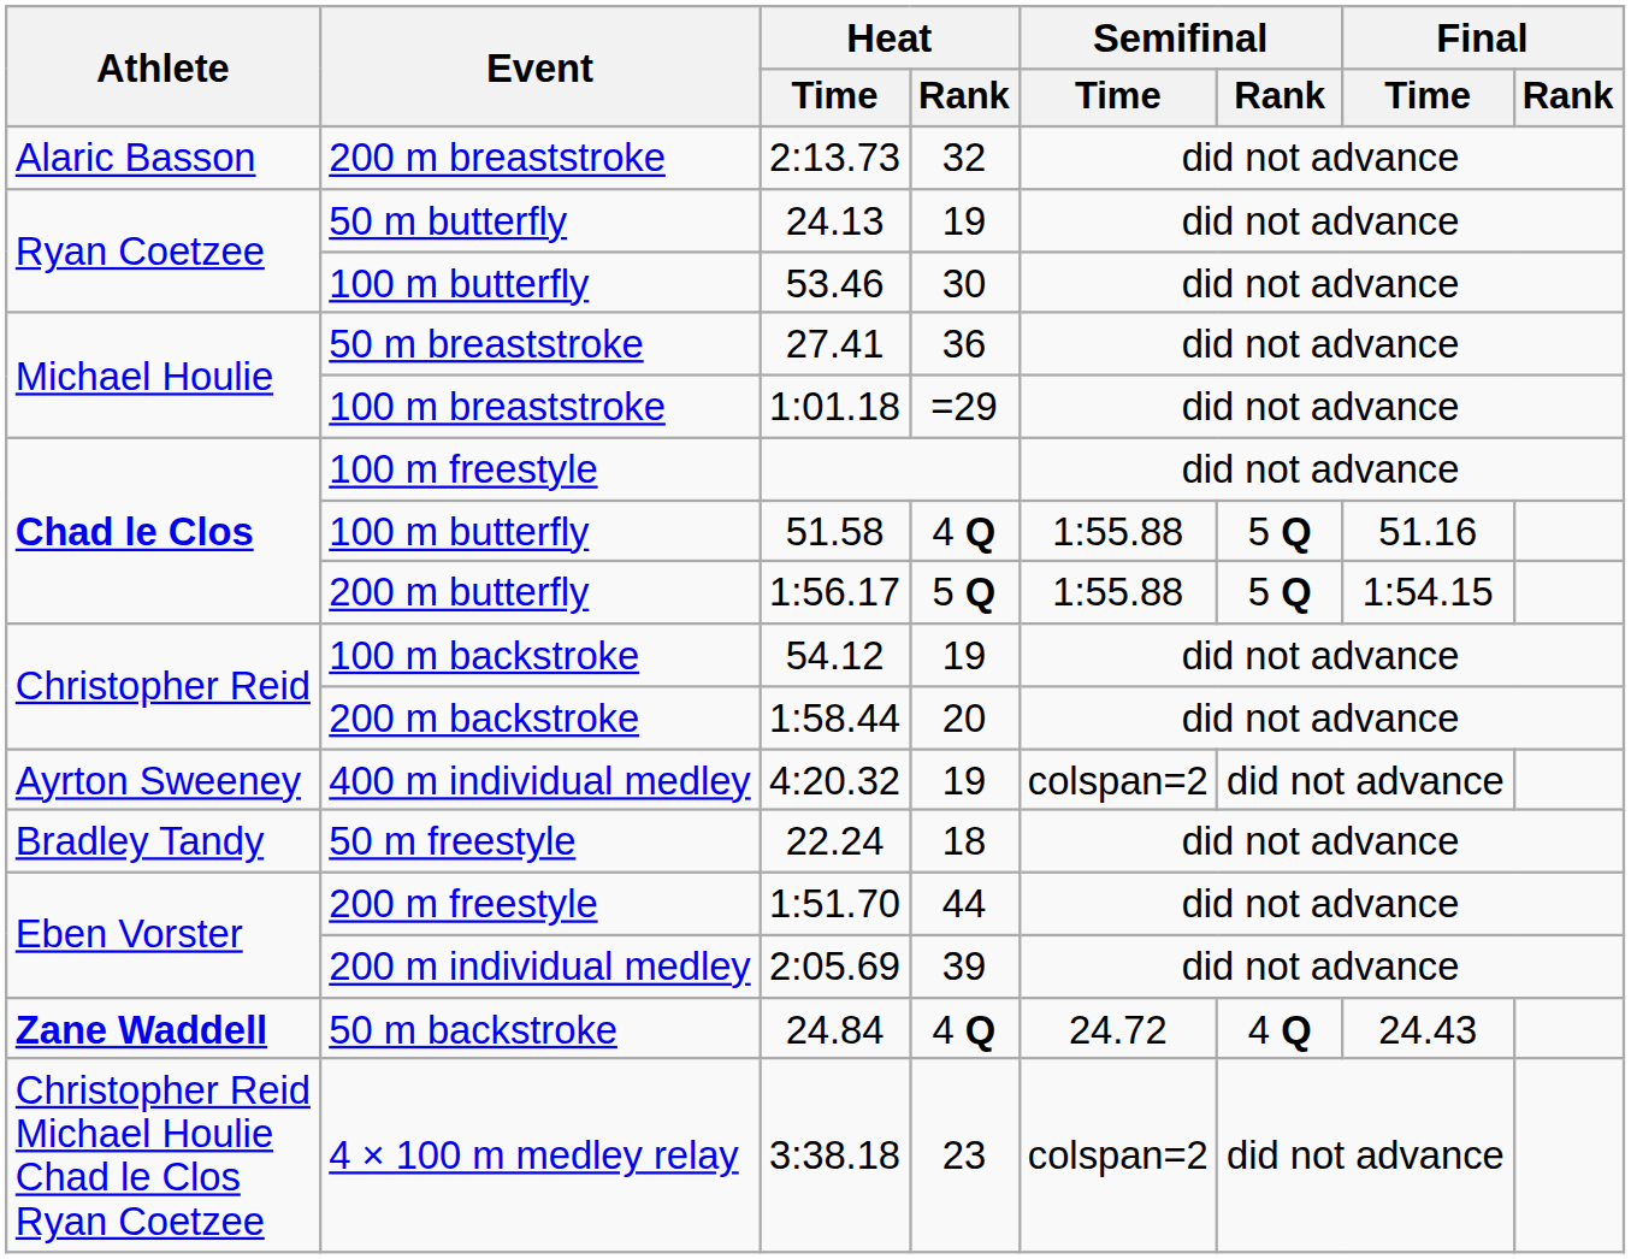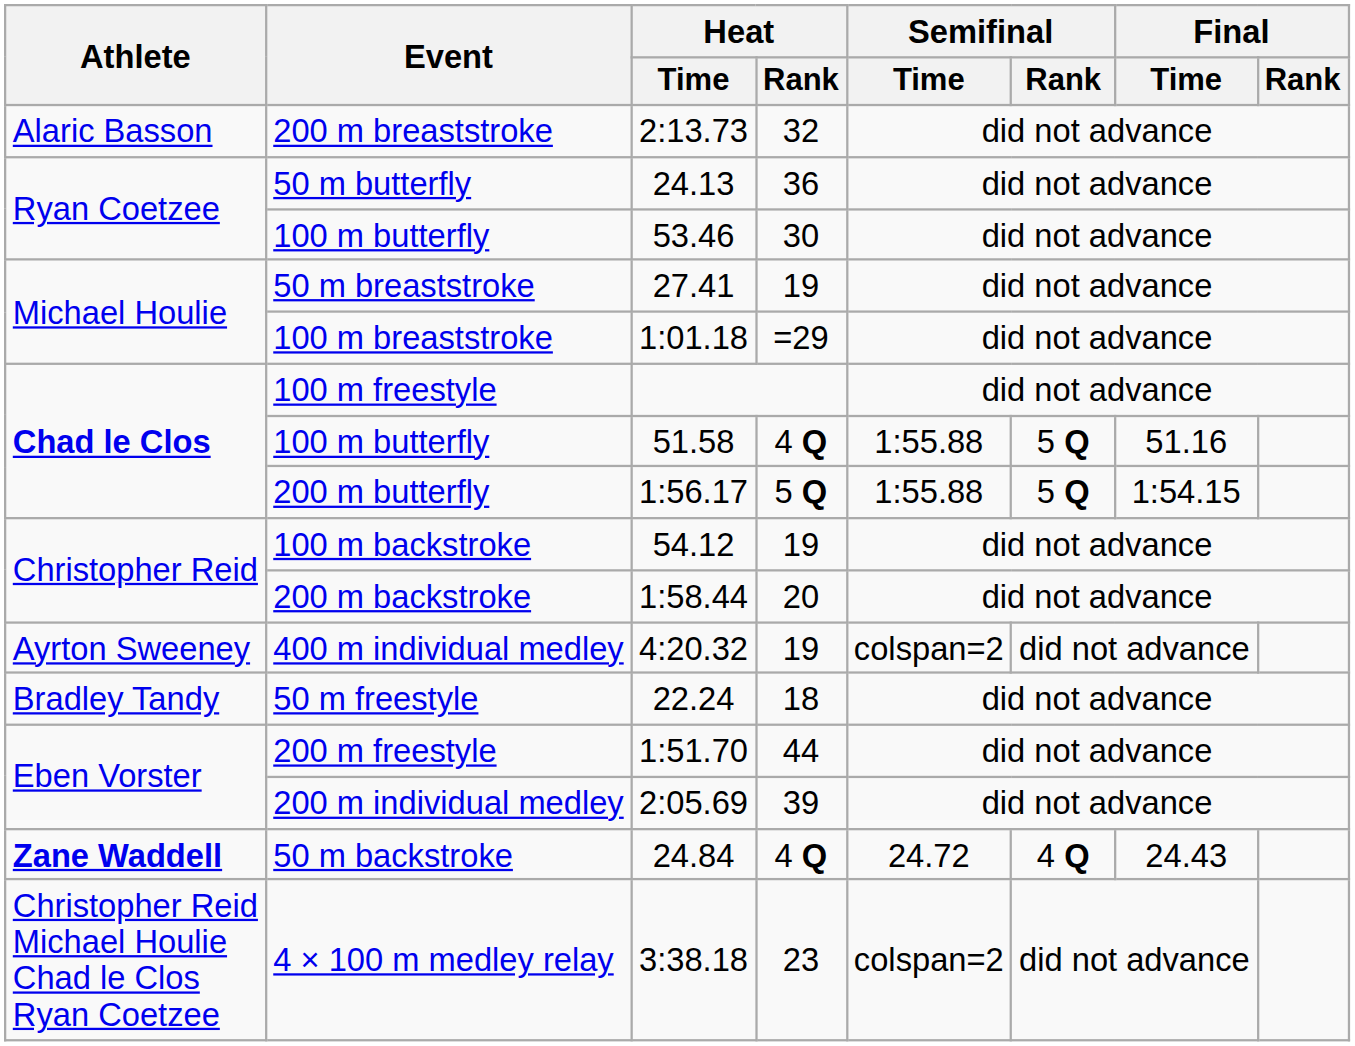 <table class=wikitable style="font-size:90%">
 <tr>
 <th rowspan="2">Athlete</th>
 <th rowspan="2">Event</th>
 <th colspan="2">Heat</th>
 <th colspan="2">Semifinal</th>
 <th colspan="2">Final</th>
 </tr>
 <tr style="font-size:95%">
 <th>Time</th>
 <th>Rank</th>
 <th>Time</th>
 <th>Rank</th>
 <th>Time</th>
 <th>Rank</th>
 </tr>
 <tr align=center>
 <td align=left><a href='#'>Alaric Basson</a></td>
 <td align=left><a href='#'>200 m breaststroke</a></td>
 <td>2:13.73</td>
 <td>32</td>
 <td colspan=4>did not advance</td>
 </tr>
 <tr align=center>
 <td align=left rowspan=2><a href='#'>Ryan Coetzee</a></td>
 <td align=left><a href='#'>50 m butterfly</a></td>
 <td>24.13</td>
-<td>19</td>
+<td>36</td>
 <td colspan=4>did not advance</td>
 </tr>
 <tr align=center>
 <td align=left><a href='#'>100 m butterfly</a></td>
 <td>53.46</td>
 <td>30</td>
 <td colspan=4>did not advance</td>
 </tr>
 <tr align=center>
 <td align=left rowspan=2><a href='#'>Michael Houlie</a></td>
 <td align=left><a href='#'>50 m breaststroke</a></td>
 <td>27.41</td>
-<td>36</td>
+<td>19</td>
 <td colspan=4>did not advance</td>
 </tr>
 <tr align=center>
 <td align=left><a href='#'>100 m breaststroke</a></td>
 <td>1:01.18</td>
 <td>=29</td>
 <td colspan=4>did not advance</td>
 </tr>
 <tr align=center>
 <td align=left rowspan=3><strong><a href='#'>Chad le Clos</a></strong></td>
 <td align=left><a href='#'>100 m freestyle</a></td>
 <td colspan=2></td>
 <td colspan=4>did not advance</td>
 </tr>
 <tr align=center>
 <td align=left><a href='#'>100 m butterfly</a></td>
 <td>51.58</td>
 <td>4 <strong>Q</strong></td>
 <td>1:55.88</td>
 <td>5 <strong>Q</strong></td>
 <td>51.16</td>
 <td></td>
 </tr>
 <tr align=center>
 <td align=left><a href='#'>200 m butterfly</a></td>
 <td>1:56.17</td>
 <td>5 <strong>Q</strong></td>
 <td>1:55.88</td>
 <td>5 <strong>Q</strong></td>
 <td>1:54.15</td>
 <td></td>
 </tr>
 <tr align=center>
 <td align=left rowspan=2><a href='#'>Christopher Reid</a></td>
 <td align=left><a href='#'>100 m backstroke</a></td>
 <td>54.12</td>
 <td>19</td>
 <td colspan=4>did not advance</td>
 </tr>
 <tr align=center>
 <td align=left><a href='#'>200 m backstroke</a></td>
 <td>1:58.44</td>
 <td>20</td>
 <td colspan=4>did not advance</td>
 </tr>
 <tr align=center>
 <td align=left><a href='#'>Ayrton Sweeney</a></td>
 <td align=left><a href='#'>400 m individual medley</a></td>
 <td>4:20.32</td>
 <td>19</td>
 <td>colspan=2</td>
 <td colspan=2>did not advance</td>
 </tr>
 <tr align=center>
 <td align=left><a href='#'>Bradley Tandy</a></td>
 <td align=left><a href='#'>50 m freestyle</a></td>
 <td>22.24</td>
 <td>18</td>
 <td colspan=4>did not advance</td>
 </tr>
 <tr align=center>
 <td align=left rowspan=2><a href='#'>Eben Vorster</a></td>
 <td align=left><a href='#'>200 m freestyle</a></td>
 <td>1:51.70</td>
 <td>44</td>
 <td colspan=4>did not advance</td>
 </tr>
 <tr align=center>
 <td align=left><a href='#'>200 m individual medley</a></td>
 <td>2:05.69</td>
 <td>39</td>
 <td colspan=4>did not advance</td>
 </tr>
 <tr align=center>
 <td align=left><strong><a href='#'>Zane Waddell</a></strong></td>
 <td align=left><a href='#'>50 m backstroke</a></td>
 <td>24.84</td>
 <td>4 <strong>Q</strong></td>
 <td>24.72</td>
 <td>4 <strong>Q</strong></td>
 <td>24.43</td>
 <td></td>
 </tr>
 <tr align=center>
 <td align=left><a href='#'>Christopher Reid</a><br><a href='#'>Michael Houlie</a><br><a href='#'>Chad le Clos</a><br><a href='#'>Ryan Coetzee</a></td>
 <td align=left><a href='#'>4 × 100 m medley relay</a></td>
 <td>3:38.18</td>
 <td>23</td>
 <td>colspan=2 </td>
 <td colspan=2>did not advance</td>
 </tr>
 </table>
